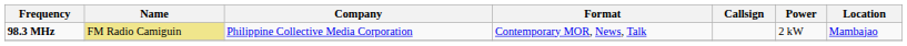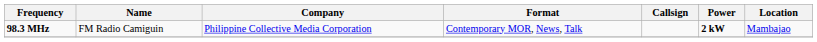 <table class="wikitable" style="width:100%" style="text-align:center;">
 <tr>
 <th>Frequency</th>
 <th>Name</th>
 <th>Company</th>
 <th>Format</th>
 <th>Callsign</th>
 <th>Power</th>
 <th>Location</th>
 </tr>
 <tr>
 <td><strong>98.3 MHz</strong></td>
-<td style="background: khaki;">FM Radio Camiguin</td>
+<td>FM Radio Camiguin</td>
 <td><a href='#'>Philippine Collective Media Corporation</a></td>
 <td><a href='#'>Contemporary MOR</a>, <a href='#'>News</a>, <a href='#'>Talk</a></td>
 <td></td>
-<td>2 kW</td>
+<td><strong>2 kW</strong></td>
 <td><a href='#'>Mambajao</a></td>
 </tr>
 <tr>
 </tr>
 </table>
